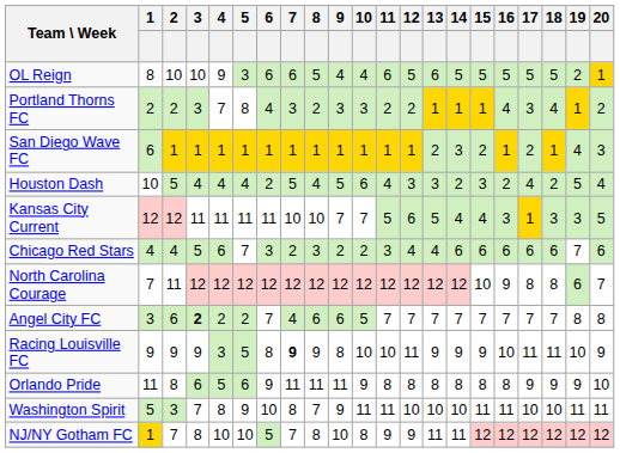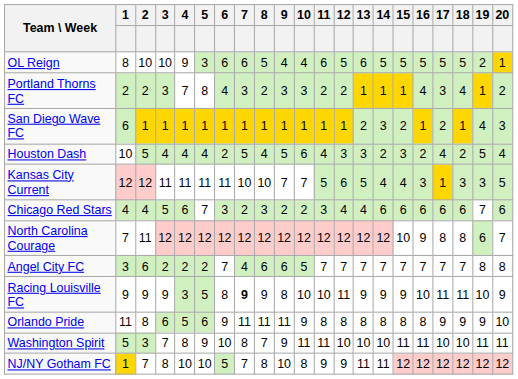 <table class="wikitable sortable" style="font-size: 74%; text-align:center;">
 <tr>
 <th rowspan="2" style="width:100px;">Team \ Week</th>
 <th align=center>1</th>
 <th align=center>2</th>
 <th align=center>3</th>
 <th align=center>4</th>
 <th align=center>5</th>
 <th align=center>6</th>
 <th align=center>7</th>
 <th align=center>8</th>
 <th align=center>9</th>
 <th align=center>10</th>
 <th align=center>11</th>
 <th align=center>12</th>
 <th align=center>13</th>
 <th align=center>14</th>
 <th align=center>15</th>
 <th align=center>16</th>
 <th align=center>17</th>
 <th align=center>18</th>
 <th align=center>19</th>
 <th align=center>20</th>
 </tr>
 <tr>
 <th style="text-align:center; height:20px;"></th>
 <th align=center></th>
 <th align=center></th>
 <th align=center></th>
 <th align=center></th>
 <th align=center></th>
 <th align=center></th>
 <th align=center></th>
 <th align=center></th>
 <th align=center></th>
 <th align=center></th>
 <th align=center></th>
 <th align=center></th>
 <th align=center></th>
 <th align=center></th>
 <th align=center></th>
 <th align=center></th>
 <th align=center></th>
 <th align=center></th>
 <th align=center></th>
 </tr>
 <tr align=center>
 <td align=left><a href='#'>OL Reign</a></td>
 <td style="background:white;">8</td>
 <td style="background:white">10</td>
 <td style="background:white">10</td>
 <td style="background:white">9</td>
 <td style="background:#D0F0C0">3</td>
 <td style="background:#D0F0C0">6</td>
 <td style="background:#D0F0C0">6</td>
 <td style="background:#D0F0C0">5</td>
 <td style="background:#D0F0C0">4</td>
 <td style="background:#D0F0C0">4</td>
 <td style="background:#D0F0C0">6</td>
 <td style="background:#D0F0C0">5</td>
 <td style="background:#D0F0C0">6</td>
 <td style="background:#D0F0C0">5</td>
 <td style="background:#D0F0C0">5</td>
 <td style="background:#D0F0C0">5</td>
 <td style="background:#D0F0C0">5</td>
 <td style="background:#D0F0C0">5</td>
 <td style="background:#D0F0C0">2</td>
 <td style="background:gold;">1</td>
 </tr>
 <tr align=center>
 <td align=left><a href='#'>Portland Thorns FC</a></td>
 <td style="background:#D0F0C0">2</td>
 <td style="background:#D0F0C0">2</td>
 <td style="background:#D0F0C0">3</td>
 <td style="background:white">7</td>
 <td style="background:white">8</td>
 <td style="background:#D0F0C0">4</td>
 <td style="background:#D0F0C0">3</td>
 <td style="background:#D0F0C0">2</td>
 <td style="background:#D0F0C0">3</td>
 <td style="background:#D0F0C0">3</td>
 <td style="background:#D0F0C0">2</td>
 <td style="background:#D0F0C0">2</td>
 <td style="background:gold;">1</td>
 <td style="background:gold;">1</td>
 <td style="background:gold;">1</td>
 <td style="background:#D0F0C0">4</td>
 <td style="background:#D0F0C0">3</td>
 <td style="background:#D0F0C0">4</td>
 <td style="background:gold;">1</td>
 <td style="background:#D0F0C0">2</td>
 </tr>
 <tr align=center>
 <td align=left><a href='#'>San Diego Wave FC</a></td>
 <td style="background:#D0F0C0">6</td>
 <td style="background:gold;">1</td>
 <td style="background:gold;">1</td>
 <td style="background:gold;">1</td>
 <td style="background:gold;">1</td>
 <td style="background:gold;">1</td>
 <td style="background:gold;">1</td>
 <td style="background:gold;">1</td>
 <td style="background:gold;">1</td>
 <td style="background:gold;">1</td>
 <td style="background:gold;">1</td>
 <td style="background:gold;">1</td>
 <td style="background:#D0F0C0">2</td>
 <td style="background:#D0F0C0">3</td>
 <td style="background:#D0F0C0">2</td>
 <td style="background:gold;">1</td>
 <td style="background:#D0F0C0">2</td>
 <td style="background:gold;">1</td>
 <td style="background:#D0F0C0">4</td>
 <td style="background:#D0F0C0">3</td>
 </tr>
 <tr align=center>
 <td align=left><a href='#'>Houston Dash</a></td>
 <td style="background:white;">10</td>
 <td style="background:#D0F0C0">5</td>
 <td style="background:#D0F0C0">4</td>
 <td style="background:#D0F0C0">4</td>
 <td style="background:#D0F0C0">4</td>
 <td style="background:#D0F0C0">2</td>
 <td style="background:#D0F0C0">5</td>
 <td style="background:#D0F0C0">4</td>
 <td style="background:#D0F0C0">5</td>
 <td style="background:#D0F0C0">6</td>
 <td style="background:#D0F0C0">4</td>
 <td style="background:#D0F0C0">3</td>
 <td style="background:#D0F0C0">3</td>
 <td style="background:#D0F0C0">2</td>
 <td style="background:#D0F0C0">3</td>
 <td style="background:#D0F0C0">2</td>
 <td style="background:#D0F0C0">4</td>
 <td style="background:#D0F0C0">2</td>
 <td style="background:#D0F0C0">5</td>
 <td style="background:#D0F0C0">4</td>
 </tr>
 <tr align=center>
 <td align=left><a href='#'>Kansas City Current</a></td>
 <td style="background:#fcc;">12</td>
 <td style="background:#fcc;">12</td>
 <td style="background:white">11</td>
 <td style="background:white">11</td>
 <td style="background:white">11</td>
 <td style="background:white">11</td>
 <td style="background:white">10</td>
 <td style="background:white">10</td>
 <td style="background:white">7</td>
 <td style="background:white">7</td>
 <td style="background:#D0F0C0">5</td>
 <td style="background:#D0F0C0">6</td>
 <td style="background:#D0F0C0">5</td>
 <td style="background:#D0F0C0">4</td>
 <td style="background:#D0F0C0">4</td>
 <td style="background:#D0F0C0">3</td>
 <td style="background:gold;">1</td>
 <td style="background:#D0F0C0">3</td>
 <td style="background:#D0F0C0">3</td>
 <td style="background:#D0F0C0">5</td>
 </tr>
 <tr align=center>
 <td align=left><a href='#'>Chicago Red Stars</a></td>
 <td style="background:#D0F0C0">4</td>
 <td style="background:#D0F0C0">4</td>
 <td style="background:#D0F0C0">5</td>
 <td style="background:#D0F0C0">6</td>
 <td style="background:white">7</td>
 <td style="background:#D0F0C0">3</td>
 <td style="background:#D0F0C0">2</td>
 <td style="background:#D0F0C0">3</td>
 <td style="background:#D0F0C0">2</td>
 <td style="background:#D0F0C0">2</td>
 <td style="background:#D0F0C0">3</td>
 <td style="background:#D0F0C0">4</td>
 <td style="background:#D0F0C0">4</td>
 <td style="background:#D0F0C0">6</td>
 <td style="background:#D0F0C0">6</td>
 <td style="background:#D0F0C0">6</td>
 <td style="background:#D0F0C0">6</td>
 <td style="background:#D0F0C0">6</td>
 <td style="background:white">7</td>
 <td style="background:#D0F0C0">6</td>
 </tr>
 <tr align=center>
 <td align=left><a href='#'>North Carolina Courage</a></td>
 <td style="background:white;">7</td>
 <td style="background:white">11</td>
 <td style="background:#fcc;">12</td>
 <td style="background:#fcc;">12</td>
 <td style="background:#fcc;">12</td>
 <td style="background:#fcc;">12</td>
 <td style="background:#fcc;">12</td>
 <td style="background:#fcc;">12</td>
 <td style="background:#fcc;">12</td>
 <td style="background:#fcc;">12</td>
 <td style="background:#fcc;">12</td>
 <td style="background:#fcc;">12</td>
 <td style="background:#fcc;">12</td>
 <td style="background:#fcc;">12</td>
 <td style="background:white;">10</td>
 <td style="background:white">9</td>
 <td style="background:white">8</td>
 <td style="background:white">8</td>
 <td style="background:#D0F0C0">6</td>
 <td style="background:white">7</td>
 </tr>
 <tr align=center>
 <td align=left><a href='#'>Angel City FC</a></td>
 <td style="background:#D0F0C0">3</td>
 <td style="background:#D0F0C0">6</td>
-<td style="background:#D0F0C0"><strong>2</strong></td>
+<td style="background:#D0F0C0">2</td>
 <td style="background:#D0F0C0">2</td>
 <td style="background:#D0F0C0">2</td>
 <td style="background:white">7</td>
 <td style="background:#D0F0C0">4</td>
 <td style="background:#D0F0C0">6</td>
 <td style="background:#D0F0C0">6</td>
 <td style="background:#D0F0C0">5</td>
 <td style="background:white">7</td>
 <td style="background:white">7</td>
 <td style="background:white">7</td>
 <td style="background:white">7</td>
 <td style="background:white">7</td>
 <td style="background:white">7</td>
 <td style="background:white">7</td>
 <td style="background:white">7</td>
 <td style="background:white">8</td>
 <td style="background:white">8</td>
 </tr>
 <tr align=center>
 <td align=left><a href='#'>Racing Louisville FC</a></td>
 <td style="background:white;">9</td>
 <td style="background:white">9</td>
 <td style="background:white">9</td>
 <td style="background:#D0F0C0">3</td>
 <td style="background:#D0F0C0">5</td>
 <td style="background:white">8</td>
 <td style="background:white"><strong>9</strong></td>
 <td style="background:white">9</td>
 <td style="background:white">8</td>
 <td style="background:white">10</td>
 <td style="background:white">10</td>
 <td style="background:white">11</td>
 <td style="background:white;">9</td>
 <td style="background:white;">9</td>
 <td style="background:white;">9</td>
 <td style="background:white">10</td>
 <td style="background:white">11</td>
 <td style="background:white">11</td>
 <td style="background:white">10</td>
 <td style="background:white">9</td>
 </tr>
 <tr align=center>
 <td align=left><a href='#'>Orlando Pride</a></td>
 <td style="background:white">11</td>
 <td style="background:white">8</td>
 <td style="background:#D0F0C0">6</td>
 <td style="background:#D0F0C0">5</td>
 <td style="background:#D0F0C0">6</td>
 <td style="background:white">9</td>
 <td style="background:white">11</td>
 <td style="background:white">11</td>
 <td style="background:white">11</td>
 <td style="background:white">9</td>
 <td style="background:white">8</td>
 <td style="background:white">8</td>
 <td style="background:white">8</td>
 <td style="background:white">8</td>
 <td style="background:white">8</td>
 <td style="background:white">8</td>
 <td style="background:white">9</td>
 <td style="background:white">9</td>
 <td style="background:white">9</td>
 <td style="background:white">10</td>
 </tr>
 <tr align=center>
 <td align=left><a href='#'>Washington Spirit</a></td>
 <td style="background:#D0F0C0">5</td>
 <td style="background:#D0F0C0">3</td>
 <td style="background:white">7</td>
 <td style="background:white">8</td>
 <td style="background:white">9</td>
 <td style="background:white">10</td>
 <td style="background:white">8</td>
 <td style="background:white">7</td>
 <td style="background:white">9</td>
 <td style="background:white">11</td>
 <td style="background:white">11</td>
 <td style="background:white">10</td>
 <td style="background:white">10</td>
 <td style="background:white">10</td>
 <td style="background:white;">11</td>
 <td style="background:white;">11</td>
 <td style="background:white">10</td>
 <td style="background:white">10</td>
 <td style="background:white">11</td>
 <td style="background:white">11</td>
 </tr>
 <tr align=center>
 <td align=left><a href='#'>NJ/NY Gotham FC</a></td>
 <td style="background:gold;">1</td>
 <td style="background:white;">7</td>
 <td style="background:white">8</td>
 <td style="background:white">10</td>
 <td style="background:white">10</td>
 <td style="background:#D0F0C0">5</td>
 <td style="background:white">7</td>
 <td style="background:white">8</td>
 <td style="background:white">10</td>
 <td style="background:white">8</td>
 <td style="background:white">9</td>
 <td style="background:white">9</td>
 <td style="background:white">11</td>
 <td style="background:white">11</td>
 <td style="background:#fcc;">12</td>
 <td style="background:#fcc;">12</td>
 <td style="background:#fcc;">12</td>
 <td style="background:#fcc;">12</td>
 <td style="background:#fcc;">12</td>
 <td style="background:#fcc;">12</td>
 </tr>
 </table>
